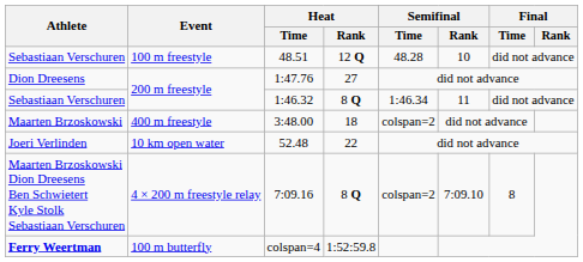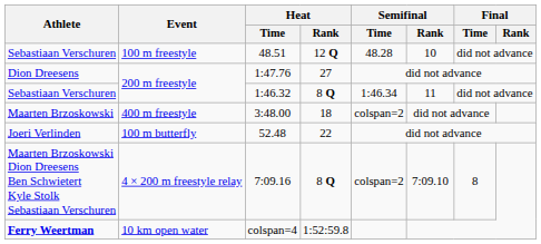 <table class=wikitable style="font-size:90%">
 <tr>
 <th rowspan="2">Athlete</th>
 <th rowspan="2">Event</th>
 <th colspan="2">Heat</th>
 <th colspan="2">Semifinal</th>
 <th colspan="2">Final</th>
 </tr>
 <tr style="font-size:95%">
 <th>Time</th>
 <th>Rank</th>
 <th>Time</th>
 <th>Rank</th>
 <th>Time</th>
 <th>Rank</th>
 </tr>
 <tr align=center>
 <td align=left><a href='#'>Sebastiaan Verschuren</a></td>
 <td align=left><a href='#'>100 m freestyle</a></td>
 <td>48.51</td>
 <td>12 <strong>Q</strong></td>
 <td>48.28</td>
 <td>10</td>
 <td colspan=2>did not advance</td>
 </tr>
 <tr align=center>
 <td align=left><a href='#'>Dion Dreesens</a></td>
 <td align=left rowspan=2><a href='#'>200 m freestyle</a></td>
 <td>1:47.76</td>
 <td>27</td>
 <td colspan=4>did not advance</td>
 </tr>
 <tr align=center>
 <td align=left><a href='#'>Sebastiaan Verschuren</a></td>
 <td>1:46.32</td>
 <td>8 <strong>Q</strong></td>
 <td>1:46.34</td>
 <td>11</td>
 <td colspan=2>did not advance</td>
 </tr>
 <tr align=center>
 <td align=left><a href='#'>Maarten Brzoskowski</a></td>
 <td align=left><a href='#'>400 m freestyle</a></td>
 <td>3:48.00</td>
 <td>18</td>
 <td>colspan=2 </td>
 <td colspan=2>did not advance</td>
 </tr>
 <tr align=center>
 <td align=left><a href='#'>Joeri Verlinden</a></td>
-<td align=left><a href='#'>10 km open water</a></td>
+<td align=left><a href='#'>100 m butterfly</a></td>
 <td>52.48</td>
 <td>22</td>
 <td colspan=4>did not advance</td>
 </tr>
 <tr align=center>
 <td align=left><a href='#'>Maarten Brzoskowski</a><br><a href='#'>Dion Dreesens</a><br><a href='#'>Ben Schwietert</a><br><a href='#'>Kyle Stolk</a><br><a href='#'>Sebastiaan Verschuren</a></td>
 <td align=left><a href='#'>4 × 200 m freestyle relay</a></td>
 <td>7:09.16</td>
 <td>8 <strong>Q</strong></td>
 <td>colspan=2 </td>
 <td>7:09.10</td>
 <td>8</td>
 </tr>
 <tr align=center>
 <td align=left><strong><a href='#'>Ferry Weertman</a></strong></td>
-<td align=left><a href='#'>100 m butterfly</a></td>
+<td align=left><a href='#'>10 km open water</a></td>
 <td>colspan=4 </td>
 <td>1:52:59.8</td>
 <td></td>
 </tr>
 </table>
